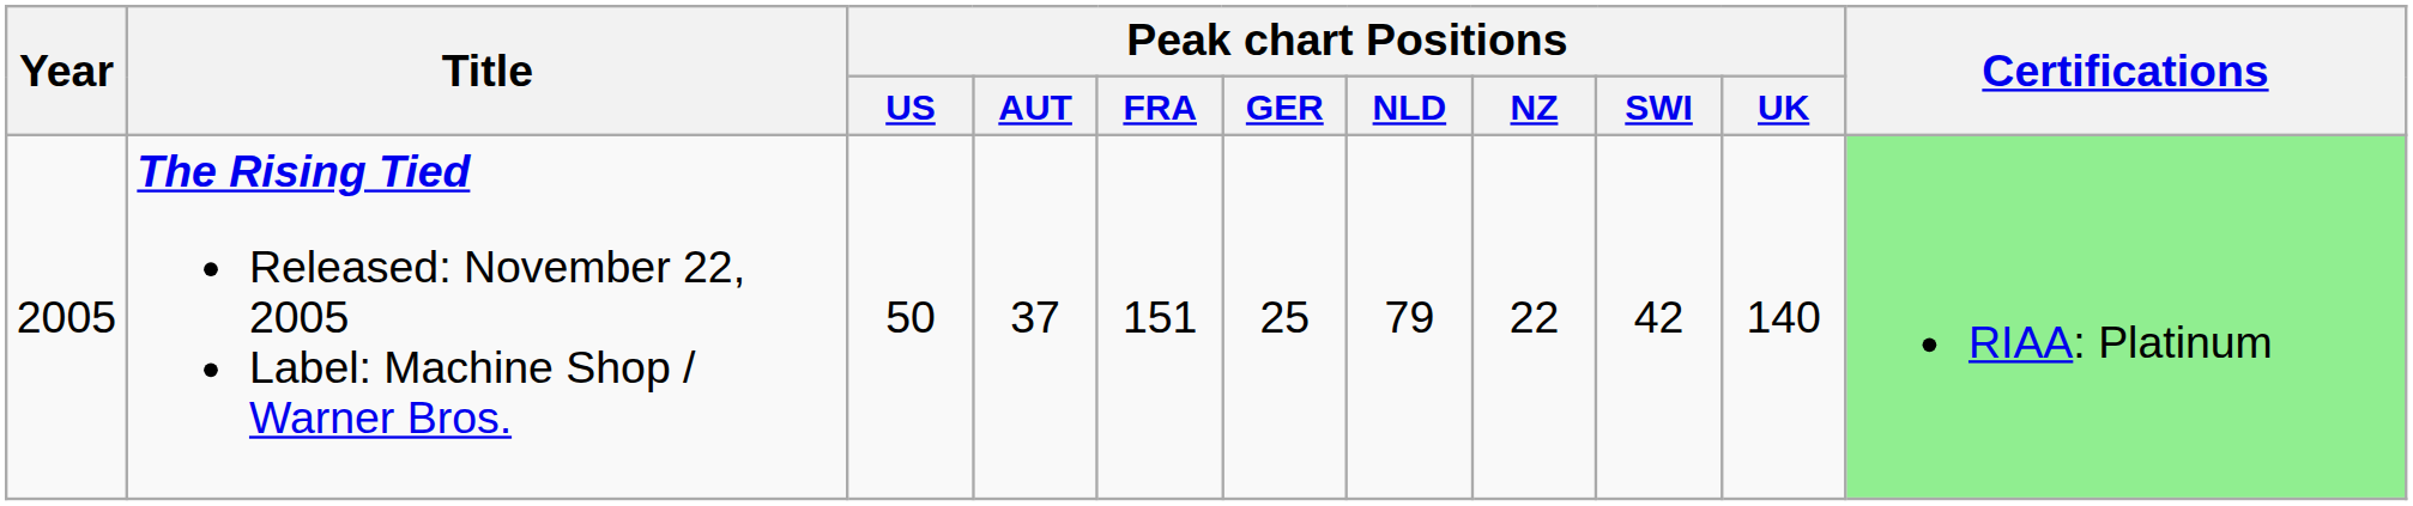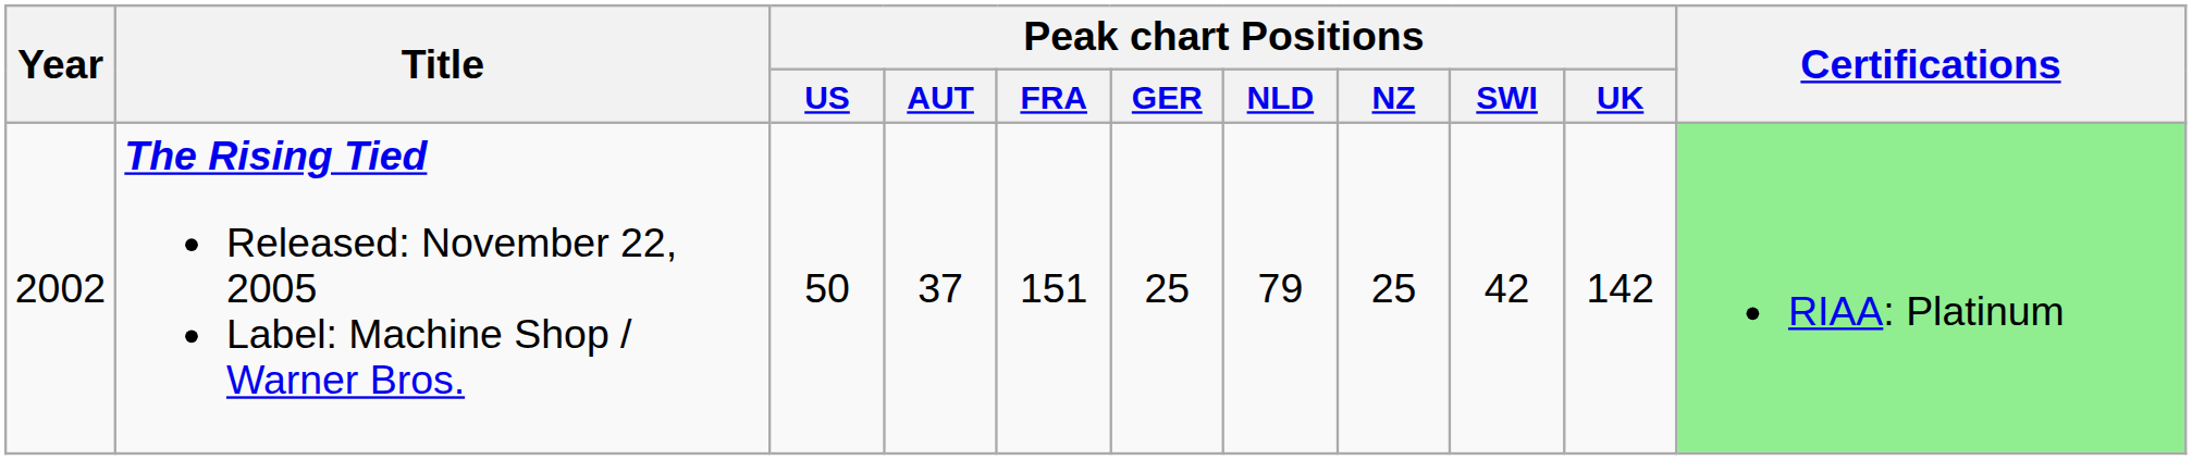 <table class="wikitable">
 <tr>
 <th rowspan="2" width="2">Year</th>
 <th rowspan="2" width="250">Title</th>
 <th colspan="8">Peak chart Positions</th>
 <th rowspan="2" scope="col" style="width:12em;"><a href='#'>Certifications</a></th>
 </tr>
 <tr>
 <th style="width:3em;font-size:80%"><a href='#'>US</a></th>
 <th style="width:3em;font-size:80%"><a href='#'>AUT</a></th>
 <th style="width:3em;font-size:80%"><a href='#'>FRA</a></th>
 <th style="width:3em;font-size:80%"><a href='#'>GER</a></th>
 <th style="width:3em;font-size:80%"><a href='#'>NLD</a></th>
 <th style="width:3em;font-size:80%"><a href='#'>NZ</a></th>
 <th style="width:3em;font-size:80%"><a href='#'>SWI</a></th>
 <th style="width:3em;font-size:80%"><a href='#'>UK</a></th>
 </tr>
 <tr>
-<td rowspan="1">2005</td>
+<td rowspan="1">2002</td>
 <td><strong><em><a href='#'>The Rising Tied</a></em></strong><br><ul><li>Released: November 22, 2005</li><li>Label: Machine Shop / <a href='#'>Warner Bros.</a></li></ul></td>
 <td align="center">50</td>
 <td align="center">37</td>
 <td align="center">151</td>
 <td align="center">25</td>
 <td align="center">79</td>
-<td align="center">22</td>
+<td align="center">25</td>
 <td align="center">42</td>
-<td align="center">140</td>
+<td align="center">142</td>
 <td style="background: lightgreen;"><br><ul><li><a href='#'>RIAA</a>: Platinum</li></ul></td>
 </tr>
 </table>
